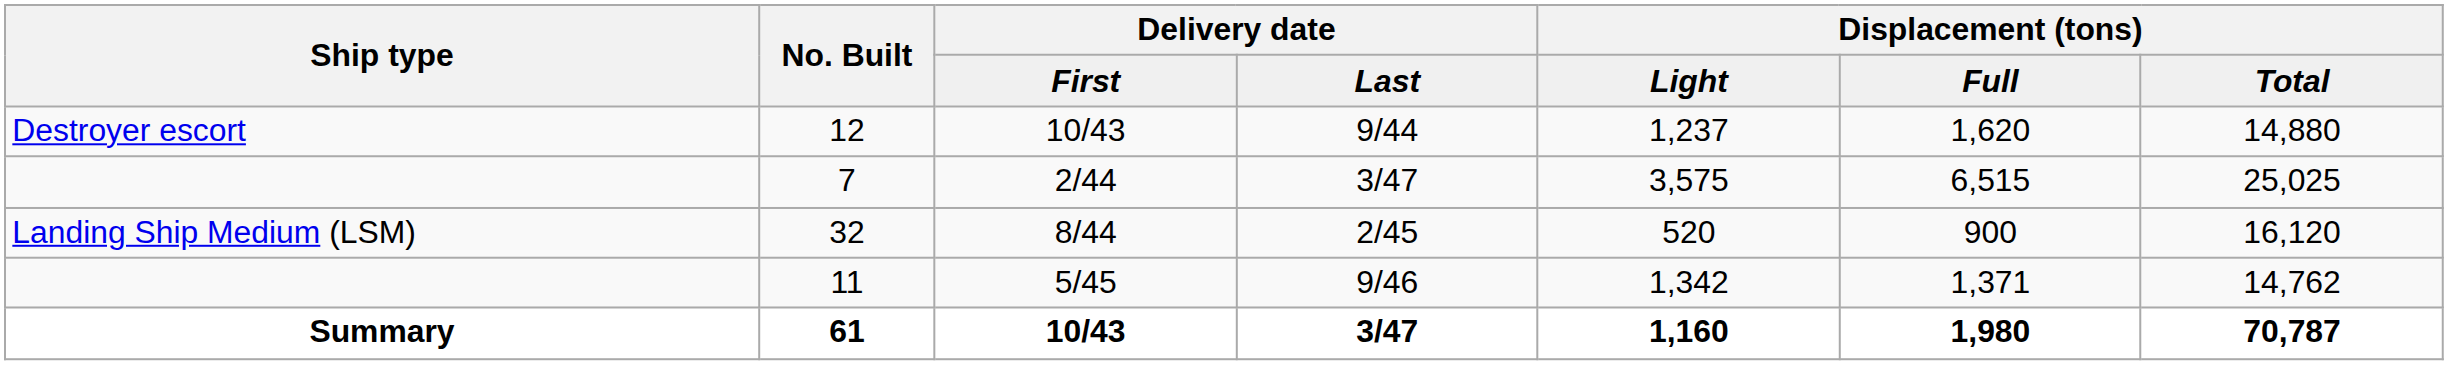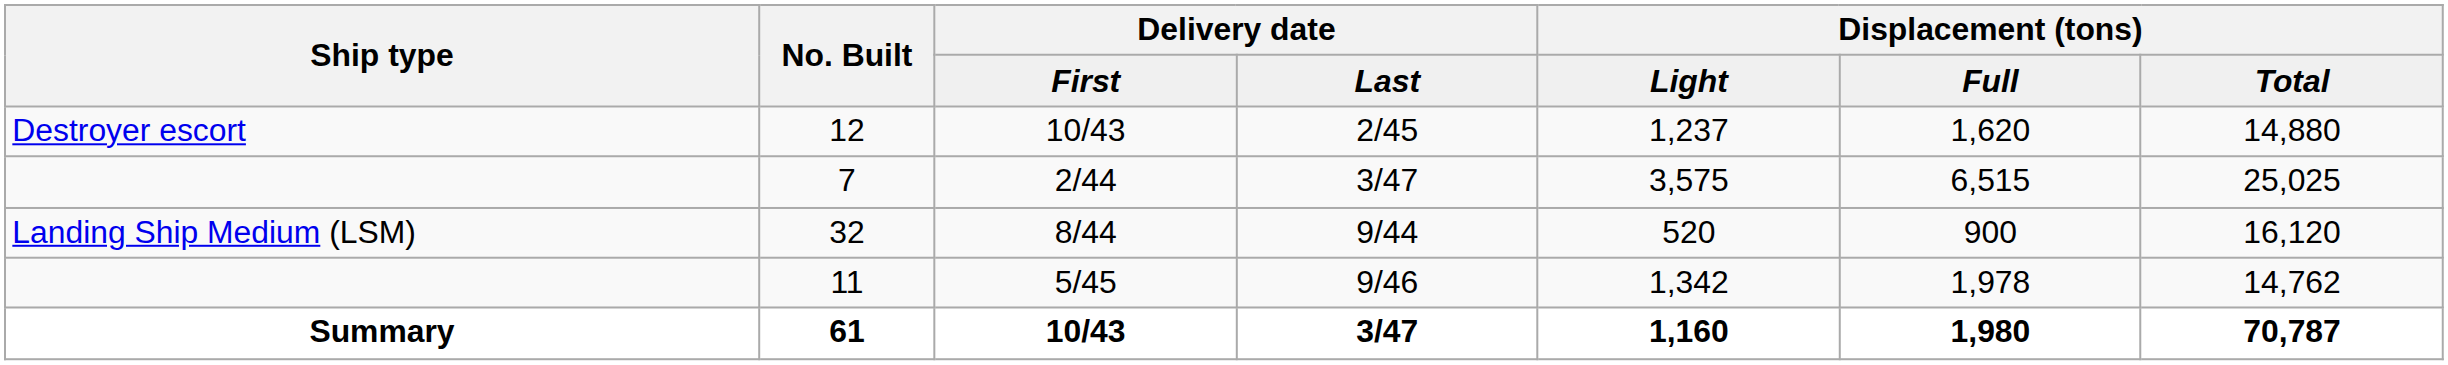 <table class="wikitable" width=97%>
 <tr>
 <th width=30% rowspan="2">Ship type</th>
 <th width=7% rowspan="2">No. Built</th>
 <th width=32% colspan="2">Delivery date</th>
 <th width=32% colspan="3">Displacement (tons)</th>
 </tr>
 <tr bgcolor="f0f0f0">
 <td width=12% align="center"><strong><em>First</em></strong></td>
 <td width=12% align="center"><strong><em>Last</em></strong></td>
 <td width=12% align="center"><strong><em>Light</em></strong></td>
 <td width=12% align="center"><strong><em>Full</em></strong></td>
 <td width=12% align="center"><strong><em>Total</em></strong></td>
 </tr>
 <tr align="center">
 <td align="left"><a href='#'>Destroyer escort</a></td>
 <td>12</td>
 <td>10/43</td>
-<td>9/44</td>
+<td>2/45</td>
 <td>1,237</td>
 <td>1,620</td>
 <td>14,880</td>
 </tr>
 <tr align="center">
 <td align="left"></td>
 <td>7</td>
 <td>2/44</td>
 <td>3/47</td>
 <td>3,575</td>
 <td>6,515</td>
 <td>25,025</td>
 </tr>
 <tr align="center">
 <td align="left"><a href='#'>Landing Ship Medium</a> (LSM)</td>
 <td>32</td>
 <td>8/44</td>
-<td>2/45</td>
+<td>9/44</td>
 <td>520</td>
 <td>900</td>
 <td>16,120</td>
 </tr>
 <tr align="center">
 <td align="left"></td>
 <td>11</td>
 <td>5/45</td>
 <td>9/46</td>
 <td>1,342</td>
-<td>1,371</td>
+<td>1,978</td>
 <td>14,762</td>
 </tr>
 <tr align="center" class="sortbottom" bgcolor="white" style="font-weight:600;">
 <td>Summary</td>
 <td>61</td>
 <td>10/43</td>
 <td>3/47</td>
 <td>1,160</td>
 <td>1,980</td>
 <td>70,787</td>
 </tr>
 </table>
